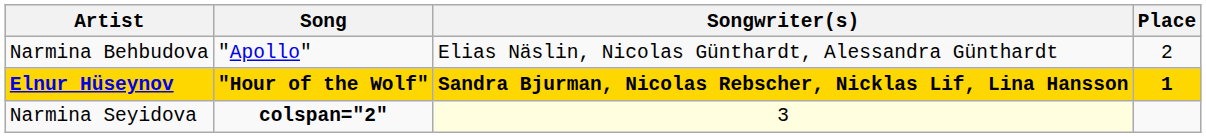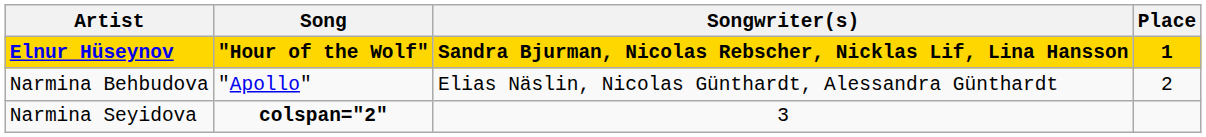 <table class="wikitable" style="margin: 1em auto 1em auto; text-align:center">
 <tr>
 <th>Artist</th>
 <th>Song</th>
 <th>Songwriter(s)</th>
 <th>Place</th>
-</tr>
-<tr>
-<td align="left">Narmina Behbudova</td>
-<td align="left">"<a href='#'>Apollo</a>"</td>
-<td align="left">Elias Näslin, Nicolas Günthardt, Alessandra Günthardt</td>
-<td>2</td>
 </tr>
 <tr style="font-weight:bold; background:gold;">
 <td align="left"><a href='#'>Elnur Hüseynov</a></td>
 <td align="left">"Hour of the Wolf"</td>
 <td align="left">Sandra Bjurman, Nicolas Rebscher, Nicklas Lif, Lina Hansson</td>
 <td>1</td>
 </tr>
 <tr>
+<td align="left">Narmina Behbudova</td>
+<td align="left">"<a href='#'>Apollo</a>"</td>
+<td align="left">Elias Näslin, Nicolas Günthardt, Alessandra Günthardt</td>
+<td>2</td>
+</tr>
+<tr>
 <td align="left">Narmina Seyidova</td>
 <td><strong>colspan="2" </strong></td>
-<td style="background: lightyellow;">3</td>
+<td>3</td>
 </tr>
 </table>
